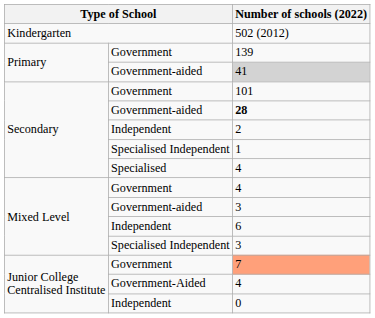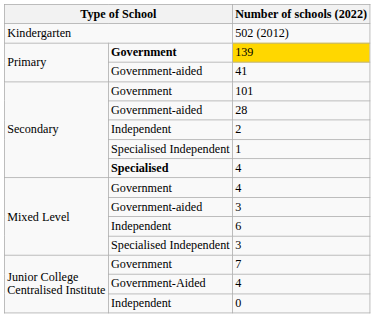 <table class="wikitable">
 <tr ->
 <th colspan="2">Type of School</th>
 <th>Number of schools (2022)</th>
 </tr>
 <tr ->
 <td colspan="2">Kindergarten</td>
 <td>502 (2012)</td>
 </tr>
 <tr ->
 <td rowspan="2">Primary</td>
-<td>Government</td>
-<td>139</td>
+<td><strong>Government</strong></td>
+<td style="background: gold;">139</td>
 </tr>
 <tr ->
 <td>Government-aided</td>
-<td style="background: lightgrey;">41</td>
+<td>41</td>
 </tr>
 <tr ->
 <td rowspan="5">Secondary</td>
 <td>Government</td>
 <td>101</td>
 </tr>
 <tr ->
 <td>Government-aided</td>
-<td><strong>28</strong></td>
+<td>28</td>
 </tr>
 <tr ->
 <td>Independent</td>
 <td>2</td>
 </tr>
 <tr ->
 <td>Specialised Independent</td>
 <td>1</td>
 </tr>
 <tr ->
-<td>Specialised</td>
+<td><strong>Specialised</strong></td>
 <td>4</td>
 </tr>
 <tr ->
 <td rowspan="4">Mixed Level</td>
 <td>Government</td>
 <td>4</td>
 </tr>
 <tr ->
 <td>Government-aided</td>
 <td>3</td>
 </tr>
 <tr ->
 <td>Independent</td>
 <td>6</td>
 </tr>
 <tr ->
 <td>Specialised Independent</td>
 <td>3</td>
 </tr>
 <tr ->
 <td rowspan="3">Junior College<br>Centralised Institute</td>
 <td>Government</td>
-<td style="background: lightsalmon;">7</td>
+<td>7</td>
 </tr>
 <tr ->
 <td>Government-Aided</td>
 <td>4</td>
 </tr>
 <tr ->
 <td>Independent</td>
 <td>0</td>
 </tr>
 </table>
